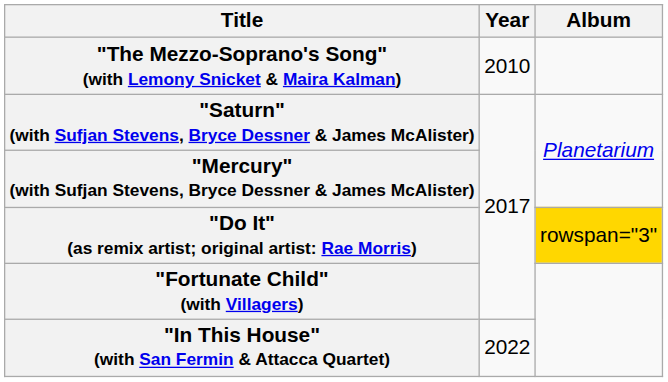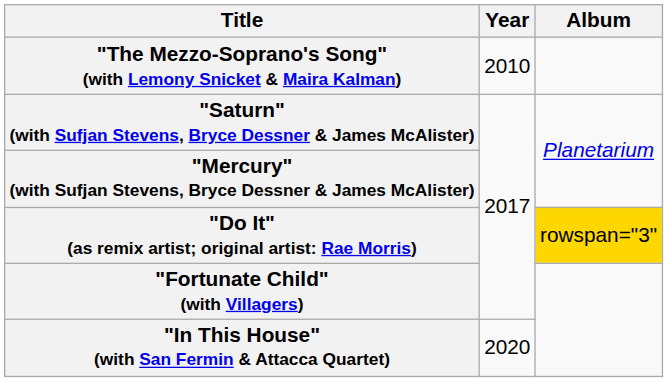 <table class="wikitable plainrowheaders" style="text-align:center;">
 <tr>
 <th scope="col">Title</th>
 <th scope="col">Year</th>
 <th scope="col">Album</th>
 </tr>
 <tr>
 <th scope="row">"The Mezzo-Soprano's Song"<br><small>(with <a href='#'>Lemony Snicket</a> & <a href='#'>Maira Kalman</a>)</small></th>
 <td>2010</td>
 <td></td>
 </tr>
 <tr>
 <th scope="row">"Saturn"<br><small>(with <a href='#'>Sufjan Stevens</a>, <a href='#'>Bryce Dessner</a> & James McAlister)</small></th>
 <td rowspan="4">2017</td>
 <td rowspan="2"><em><a href='#'>Planetarium</a></em></td>
 </tr>
 <tr>
 <th scope="row">"Mercury"<br><small>(with Sufjan Stevens, Bryce Dessner & James McAlister)</small></th>
 </tr>
 <tr>
 <th scope="row">"Do It"<br><small>(as remix artist; original artist: <a href='#'>Rae Morris</a>)</small></th>
 <td style="background: gold;">rowspan="3" </td>
 </tr>
 <tr>
 <th scope="row">"Fortunate Child"<br><small>(with <a href='#'>Villagers</a>)</small></th>
 </tr>
 <tr>
 <th scope="row">"In This House"<br><small>(with <a href='#'>San Fermin</a> & Attacca Quartet)</small></th>
-<td>2022</td>
+<td>2020</td>
 </tr>
 </table>
